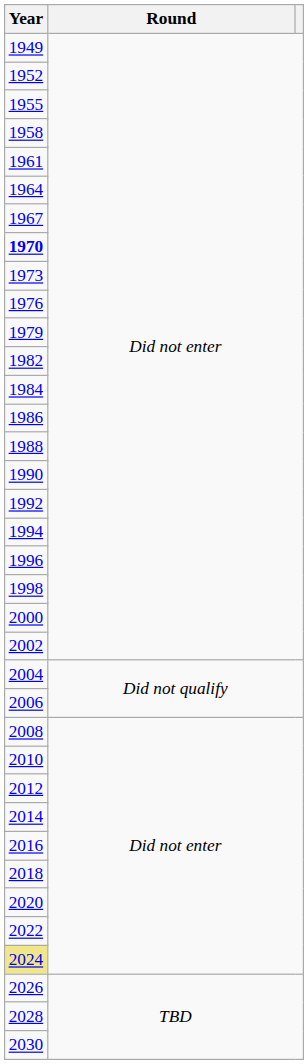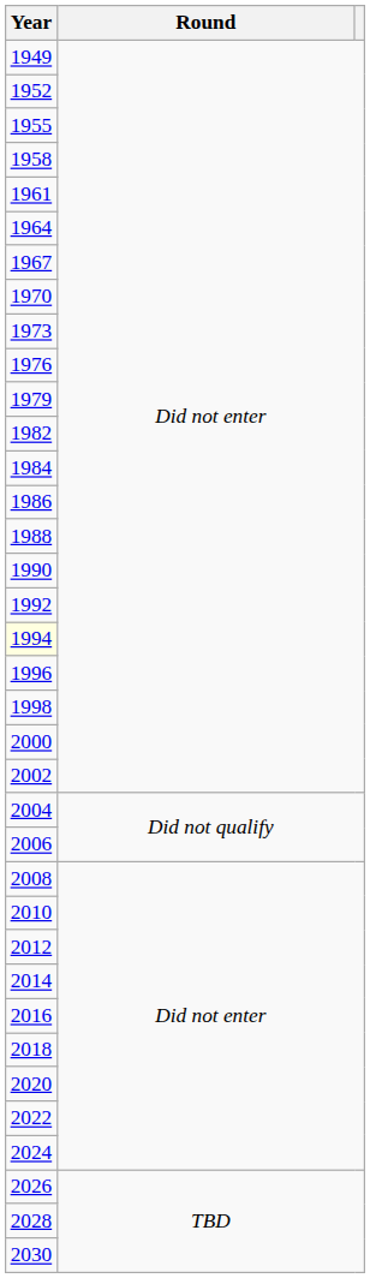 <table class="wikitable" style="text-align: center; font-size:90%">
 <tr>
 <th>Year</th>
 <th style="width:200px">Round</th>
 <th></th>
 </tr>
 <tr>
 <td><a href='#'>1949</a></td>
 <td colspan="2" rowspan="22"><em>Did not enter</em></td>
 </tr>
 <tr>
 <td><a href='#'>1952</a></td>
 </tr>
 <tr>
 <td><a href='#'>1955</a></td>
 </tr>
 <tr>
 <td><a href='#'>1958</a></td>
 </tr>
 <tr>
 <td><a href='#'>1961</a></td>
 </tr>
 <tr>
 <td><a href='#'>1964</a></td>
 </tr>
 <tr>
 <td><a href='#'>1967</a></td>
 </tr>
 <tr>
-<td><strong><a href='#'>1970</a></strong></td>
+<td><a href='#'>1970</a></td>
 </tr>
 <tr>
 <td><a href='#'>1973</a></td>
 </tr>
 <tr>
 <td><a href='#'>1976</a></td>
 </tr>
 <tr>
 <td><a href='#'>1979</a></td>
 </tr>
 <tr>
 <td><a href='#'>1982</a></td>
 </tr>
 <tr>
 <td><a href='#'>1984</a></td>
 </tr>
 <tr>
 <td><a href='#'>1986</a></td>
 </tr>
 <tr>
 <td><a href='#'>1988</a></td>
 </tr>
 <tr>
 <td><a href='#'>1990</a></td>
 </tr>
 <tr>
 <td><a href='#'>1992</a></td>
 </tr>
 <tr>
-<td><a href='#'>1994</a></td>
+<td style="background: lightyellow;"><a href='#'>1994</a></td>
 </tr>
 <tr>
 <td><a href='#'>1996</a></td>
 </tr>
 <tr>
 <td><a href='#'>1998</a></td>
 </tr>
 <tr>
 <td><a href='#'>2000</a></td>
 </tr>
 <tr>
 <td><a href='#'>2002</a></td>
 </tr>
 <tr>
 <td><a href='#'>2004</a></td>
 <td colspan="2" rowspan="2"><em>Did not qualify</em></td>
 </tr>
 <tr>
 <td><a href='#'>2006</a></td>
 </tr>
 <tr>
 <td><a href='#'>2008</a></td>
 <td colspan="2" rowspan="9"><em>Did not enter</em></td>
 </tr>
 <tr>
 <td><a href='#'>2010</a></td>
 </tr>
 <tr>
 <td><a href='#'>2012</a></td>
 </tr>
 <tr>
 <td><a href='#'>2014</a></td>
 </tr>
 <tr>
 <td><a href='#'>2016</a></td>
 </tr>
 <tr>
 <td><a href='#'>2018</a></td>
 </tr>
 <tr>
 <td><a href='#'>2020</a></td>
 </tr>
 <tr>
 <td><a href='#'>2022</a></td>
 </tr>
 <tr>
-<td style="background: khaki;"><a href='#'>2024</a></td>
+<td><a href='#'>2024</a></td>
 </tr>
 <tr>
 <td><a href='#'>2026</a></td>
 <td colspan="2" rowspan="3"><em>TBD</em></td>
 </tr>
 <tr>
 <td><a href='#'>2028</a></td>
 </tr>
 <tr>
 <td><a href='#'>2030</a></td>
 </tr>
 </table>
